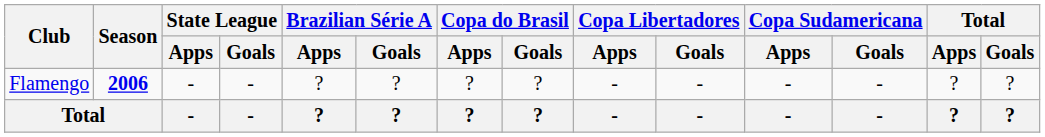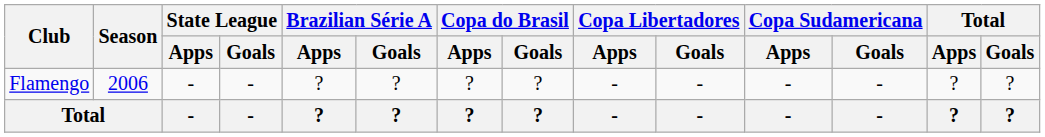 <table class="wikitable" style="text-align: center;">
 <tr>
 <th rowspan="2">Club</th>
 <th rowspan="2">Season</th>
 <th colspan="2">State League</th>
 <th colspan="2"><a href='#'>Brazilian Série A</a></th>
 <th colspan="2"><a href='#'>Copa do Brasil</a></th>
 <th colspan="2"><a href='#'>Copa Libertadores</a></th>
 <th colspan="2"><a href='#'>Copa Sudamericana</a></th>
 <th colspan="2">Total</th>
 </tr>
 <tr>
 <th>Apps</th>
 <th>Goals</th>
 <th>Apps</th>
 <th>Goals</th>
 <th>Apps</th>
 <th>Goals</th>
 <th>Apps</th>
 <th>Goals</th>
 <th>Apps</th>
 <th>Goals</th>
 <th>Apps</th>
 <th>Goals</th>
 </tr>
 <tr>
 <td rowspan="1" valign="center"><a href='#'>Flamengo</a></td>
-<td><strong><a href='#'>2006</a></strong></td>
+<td><a href='#'>2006</a></td>
 <td>-</td>
 <td>-</td>
 <td>?</td>
 <td>?</td>
 <td>?</td>
 <td>?</td>
 <td>-</td>
 <td>-</td>
 <td>-</td>
 <td>-</td>
 <td>?</td>
 <td>?</td>
 </tr>
 <tr>
 <th colspan="2"><strong>Total</strong></th>
 <th>-</th>
 <th>-</th>
 <th>?</th>
 <th>?</th>
 <th>?</th>
 <th>?</th>
 <th>-</th>
 <th>-</th>
 <th>-</th>
 <th>-</th>
 <th>?</th>
 <th>?</th>
 </tr>
 </table>
